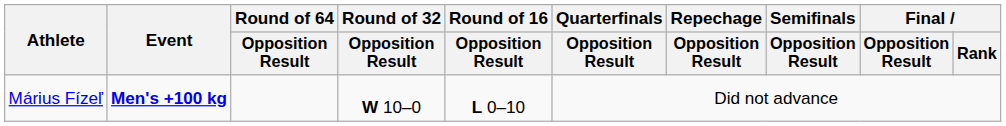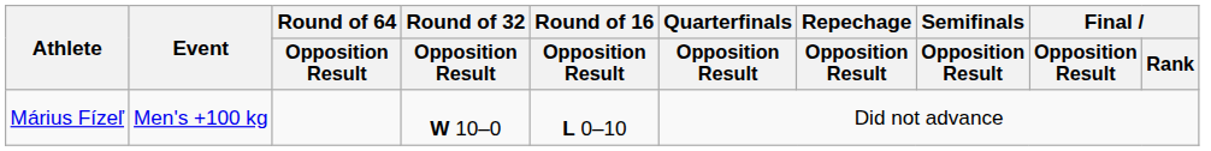 <table class="wikitable" style="font-size:90%">
 <tr>
 <th rowspan="2">Athlete</th>
 <th rowspan="2">Event</th>
 <th>Round of 64</th>
 <th>Round of 32</th>
 <th>Round of 16</th>
 <th>Quarterfinals</th>
 <th>Repechage</th>
 <th>Semifinals</th>
 <th colspan=2>Final / </th>
 </tr>
 <tr style="font-size:95%">
 <th>Opposition<br>Result</th>
 <th>Opposition<br>Result</th>
 <th>Opposition<br>Result</th>
 <th>Opposition<br>Result</th>
 <th>Opposition<br>Result</th>
 <th>Opposition<br>Result</th>
 <th>Opposition<br>Result</th>
 <th>Rank</th>
 </tr>
 <tr align=center>
 <td align=left><a href='#'>Márius Fízeľ</a></td>
-<td align=left><strong><a href='#'>Men's +100 kg</a></strong></td>
+<td align=left><a href='#'>Men's +100 kg</a></td>
 <td></td>
 <td><br><strong>W</strong> 10–0</td>
 <td><br><strong>L</strong> 0–10</td>
 <td colspan="5">Did not advance</td>
 </tr>
 </table>
